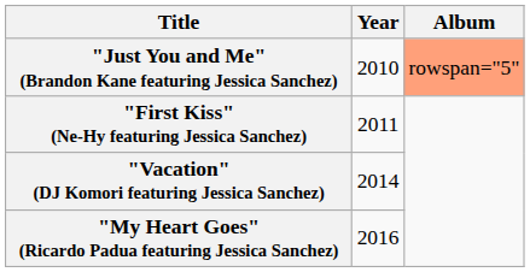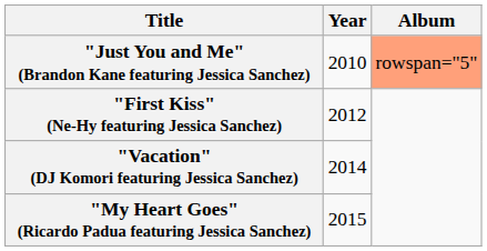 <table class="wikitable plainrowheaders" style="text-align:center;" border="1">
 <tr>
 <th scope="col" rowspan="1" style="width:16em;">Title</th>
 <th scope="col" rowspan="1">Year</th>
 <th scope="col" rowspan="1">Album</th>
 </tr>
 <tr>
 <th scope="row">"Just You and Me"<br><small>(Brandon Kane featuring Jessica Sanchez)</small></th>
 <td>2010</td>
 <td style="background: lightsalmon;">rowspan="5" </td>
 </tr>
 <tr>
 <th scope="row">"First Kiss"<br><small>(Ne-Hy featuring Jessica Sanchez)</small></th>
-<td>2011</td>
+<td>2012</td>
 </tr>
 <tr>
 <th scope="row">"Vacation"<br><small>(DJ Komori featuring Jessica Sanchez)</small></th>
 <td>2014</td>
 </tr>
 <tr>
 <th scope="row">"My Heart Goes"<br><small>(Ricardo Padua featuring Jessica Sanchez)</small></th>
-<td>2016</td>
+<td>2015</td>
 </tr>
 </table>
